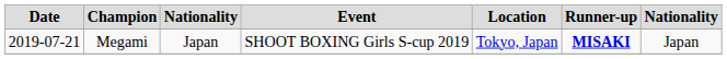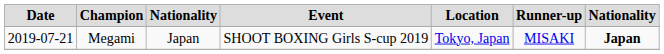 <table class="wikitable" style="text-align:center">
 <tr bgcolor="#dddddd">
 <td><strong>Date</strong></td>
 <td><strong>Champion</strong></td>
 <td><strong>Nationality</strong></td>
 <td><strong>Event</strong></td>
 <td><strong>Location</strong></td>
 <td><strong>Runner-up</strong></td>
 <td><strong>Nationality</strong></td>
 </tr>
 <tr>
 </tr>
 <tr>
 <td>2019-07-21</td>
 <td>Megami</td>
 <td> Japan</td>
 <td>SHOOT BOXING Girls S-cup 2019</td>
 <td><a href='#'>Tokyo, Japan</a></td>
-<td><strong><a href='#'>MISAKI</a></strong></td>
-<td> Japan</td>
+<td><a href='#'>MISAKI</a></td>
+<td><strong> Japan</strong></td>
 </tr>
 <tr>
 </tr>
 </table>
